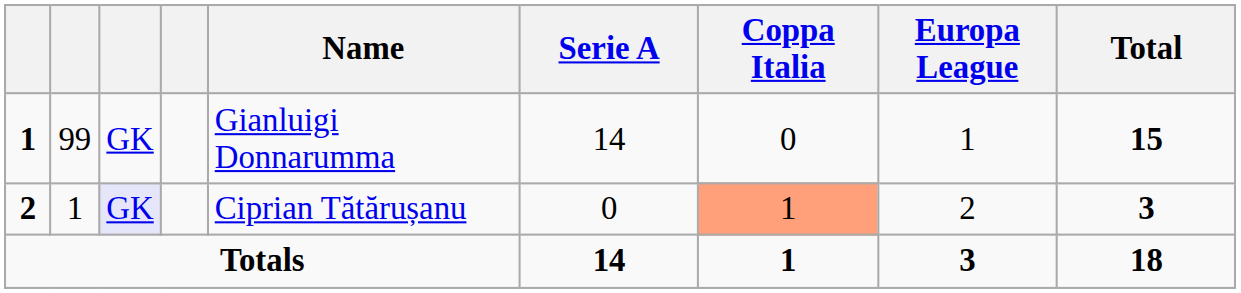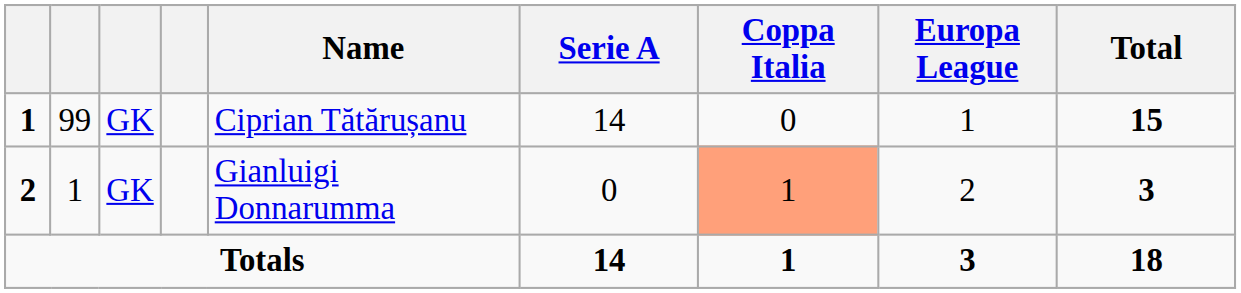 <table class="wikitable" style="text-align:center">
 <tr>
 <th width=15></th>
 <th width=15></th>
 <th width=15></th>
 <th width=15></th>
 <th width=145>Name</th>
 <th width=80><a href='#'>Serie A</a></th>
 <th width=80><a href='#'>Coppa Italia</a></th>
 <th width=80><a href='#'>Europa League</a></th>
 <th width=80>Total</th>
 </tr>
 <tr>
 <td><strong>1</strong></td>
 <td>99</td>
 <td><a href='#'>GK</a></td>
 <td></td>
-<td align=left><a href='#'>Gianluigi Donnarumma</a></td>
+<td align=left><a href='#'>Ciprian Tătărușanu</a></td>
 <td>14</td>
 <td>0</td>
 <td>1</td>
 <td><strong>15</strong></td>
 </tr>
 <tr>
 <td><strong>2</strong></td>
 <td>1</td>
-<td style="background: lavender;"><a href='#'>GK</a></td>
+<td><a href='#'>GK</a></td>
 <td></td>
-<td align=left><a href='#'>Ciprian Tătărușanu</a></td>
+<td align=left><a href='#'>Gianluigi Donnarumma</a></td>
 <td>0</td>
 <td style="background: lightsalmon;">1</td>
 <td>2</td>
 <td><strong>3</strong></td>
 </tr>
 <tr>
 <td colspan=5><strong>Totals</strong></td>
 <td><strong>14</strong></td>
 <td><strong>1</strong></td>
 <td><strong>3</strong></td>
 <td><strong>18</strong></td>
 </tr>
 </table>
